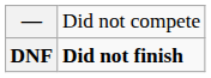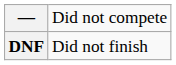 <table class="wikitable">
 <tr>
 <th scope="row">—</th>
 <td>Did not compete</td>
 </tr>
 <tr>
 <th scope="row">DNF</th>
-<td><strong>Did not finish</strong></td>
+<td>Did not finish</td>
 </tr>
 </table>
